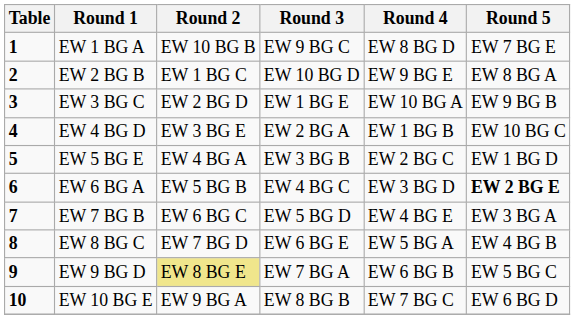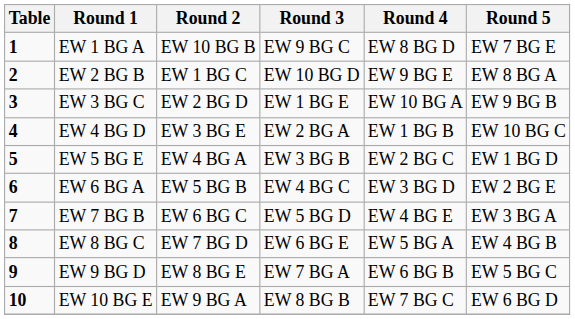 <table class="wikitable">
 <tr>
 <th>Table</th>
 <th>Round 1</th>
 <th>Round 2</th>
 <th>Round 3</th>
 <th>Round 4</th>
 <th>Round 5</th>
 </tr>
 <tr>
 <td><strong>1</strong></td>
 <td>EW 1 BG A</td>
 <td>EW 10 BG B</td>
 <td>EW 9 BG C</td>
 <td>EW 8 BG D</td>
 <td>EW 7 BG E</td>
 </tr>
 <tr>
 <td><strong>2</strong></td>
 <td>EW 2 BG B</td>
 <td>EW 1 BG C</td>
 <td>EW 10 BG D</td>
 <td>EW 9 BG E</td>
 <td>EW 8 BG A</td>
 </tr>
 <tr>
 <td><strong>3</strong></td>
 <td>EW 3 BG C</td>
 <td>EW 2 BG D</td>
 <td>EW 1 BG E</td>
 <td>EW 10 BG A</td>
 <td>EW 9 BG B</td>
 </tr>
 <tr>
 <td><strong>4</strong></td>
 <td>EW 4 BG D</td>
 <td>EW 3 BG E</td>
 <td>EW 2 BG A</td>
 <td>EW 1 BG B</td>
 <td>EW 10 BG C</td>
 </tr>
 <tr>
 <td><strong>5</strong></td>
 <td>EW 5 BG E</td>
 <td>EW 4 BG A</td>
 <td>EW 3 BG B</td>
 <td>EW 2 BG C</td>
 <td>EW 1 BG D</td>
 </tr>
 <tr>
 <td><strong>6</strong></td>
 <td>EW 6 BG A</td>
 <td>EW 5 BG B</td>
 <td>EW 4 BG C</td>
 <td>EW 3 BG D</td>
-<td><strong>EW 2 BG E</strong></td>
+<td>EW 2 BG E</td>
 </tr>
 <tr>
 <td><strong>7</strong></td>
 <td>EW 7 BG B</td>
 <td>EW 6 BG C</td>
 <td>EW 5 BG D</td>
 <td>EW 4 BG E</td>
 <td>EW 3 BG A</td>
 </tr>
 <tr>
 <td><strong>8</strong></td>
 <td>EW 8 BG C</td>
 <td>EW 7 BG D</td>
 <td>EW 6 BG E</td>
 <td>EW 5 BG A</td>
 <td>EW 4 BG B</td>
 </tr>
 <tr>
 <td><strong>9</strong></td>
 <td>EW 9 BG D</td>
-<td style="background: khaki;">EW 8 BG E</td>
+<td>EW 8 BG E</td>
 <td>EW 7 BG A</td>
 <td>EW 6 BG B</td>
 <td>EW 5 BG C</td>
 </tr>
 <tr>
 <td><strong>10</strong></td>
 <td>EW 10 BG E</td>
 <td>EW 9 BG A</td>
 <td>EW 8 BG B</td>
 <td>EW 7 BG C</td>
 <td>EW 6 BG D</td>
 </tr>
 <tr>
 </tr>
 </table>
